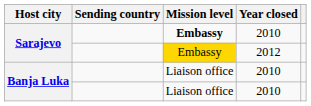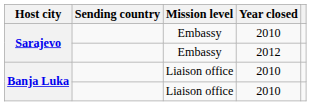 <table class="wikitable plainrowheaders">
 <tr>
 <th scope="col">Host city</th>
 <th scope="col">Sending country</th>
 <th scope="col">Mission level</th>
 <th scope="col">Year closed</th>
 <th scope="col"></th>
 </tr>
 <tr>
 <th rowspan="2"><a href='#'>Sarajevo</a></th>
 <td></td>
-<td style="text-align:center;"><strong>Embassy</strong></td>
+<td style="text-align:center;">Embassy</td>
 <td style="text-align:center;">2010</td>
 <td style="text-align:center;"></td>
 </tr>
 <tr>
 <td></td>
-<td style="background: gold; text-align:center;">Embassy</td>
+<td style="text-align:center;">Embassy</td>
 <td style="text-align:center;">2012</td>
 <td style="text-align:center;"></td>
 </tr>
 <tr>
 <th rowspan="2"><a href='#'>Banja Luka</a></th>
 <td></td>
 <td style="text-align:center;">Liaison office</td>
 <td style="text-align:center;">2010</td>
 <td style="text-align:center;"></td>
 </tr>
 <tr>
 <td></td>
 <td style="text-align:center;">Liaison office</td>
 <td style="text-align:center;">2010</td>
 <td style="text-align:center;"></td>
 </tr>
 </table>
